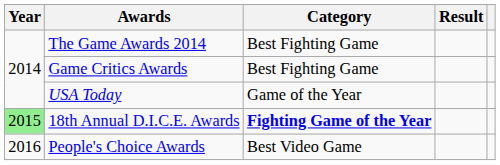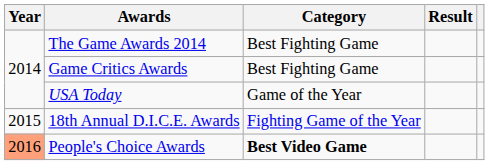 <table class="wikitable">
 <tr>
 <th>Year</th>
 <th>Awards</th>
 <th>Category</th>
 <th>Result</th>
 <th></th>
 </tr>
 <tr>
 <td rowspan="3">2014</td>
 <td><a href='#'>The Game Awards 2014</a></td>
 <td>Best Fighting Game</td>
 <td></td>
 <td align="center"></td>
 </tr>
 <tr>
 <td><a href='#'>Game Critics Awards</a></td>
 <td>Best Fighting Game</td>
 <td></td>
 <td align=center></td>
 </tr>
 <tr>
 <td><em><a href='#'>USA Today</a></em></td>
 <td>Game of the Year</td>
 <td></td>
 <td align=center></td>
 </tr>
 <tr>
-<td align="center" style="background: lightgreen;">2015</td>
+<td align="center">2015</td>
 <td><a href='#'>18th Annual D.I.C.E. Awards</a></td>
-<td><strong><a href='#'>Fighting Game of the Year</a></strong></td>
+<td><a href='#'>Fighting Game of the Year</a></td>
 <td></td>
 <td align=center></td>
 </tr>
 <tr>
-<td>2016</td>
+<td style="background: lightsalmon;">2016</td>
 <td><a href='#'>People's Choice Awards</a></td>
-<td>Best Video Game</td>
+<td><strong>Best Video Game</strong></td>
 <td></td>
 <td align="center"></td>
 </tr>
 </table>
